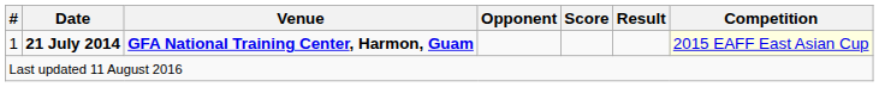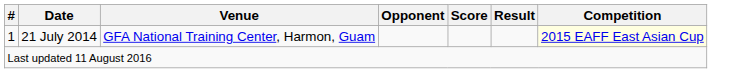 <table class="wikitable" style="font-size:95%">
 <tr>
 <th>#</th>
 <th>Date</th>
 <th>Venue</th>
 <th>Opponent</th>
 <th>Score</th>
 <th>Result</th>
 <th>Competition</th>
 </tr>
 <tr>
 <td>1</td>
-<td><strong>21 July 2014</strong></td>
-<td><strong><a href='#'>GFA National Training Center</a>, Harmon, <a href='#'>Guam</a></strong></td>
+<td>21 July 2014</td>
+<td><a href='#'>GFA National Training Center</a>, Harmon, <a href='#'>Guam</a></td>
 <td></td>
 <td></td>
 <td></td>
 <td style="background: lightyellow;"><a href='#'>2015 EAFF East Asian Cup</a></td>
 </tr>
 <tr>
 <td colspan="7"><small>Last updated 11 August 2016</small></td>
 </tr>
 </table>
